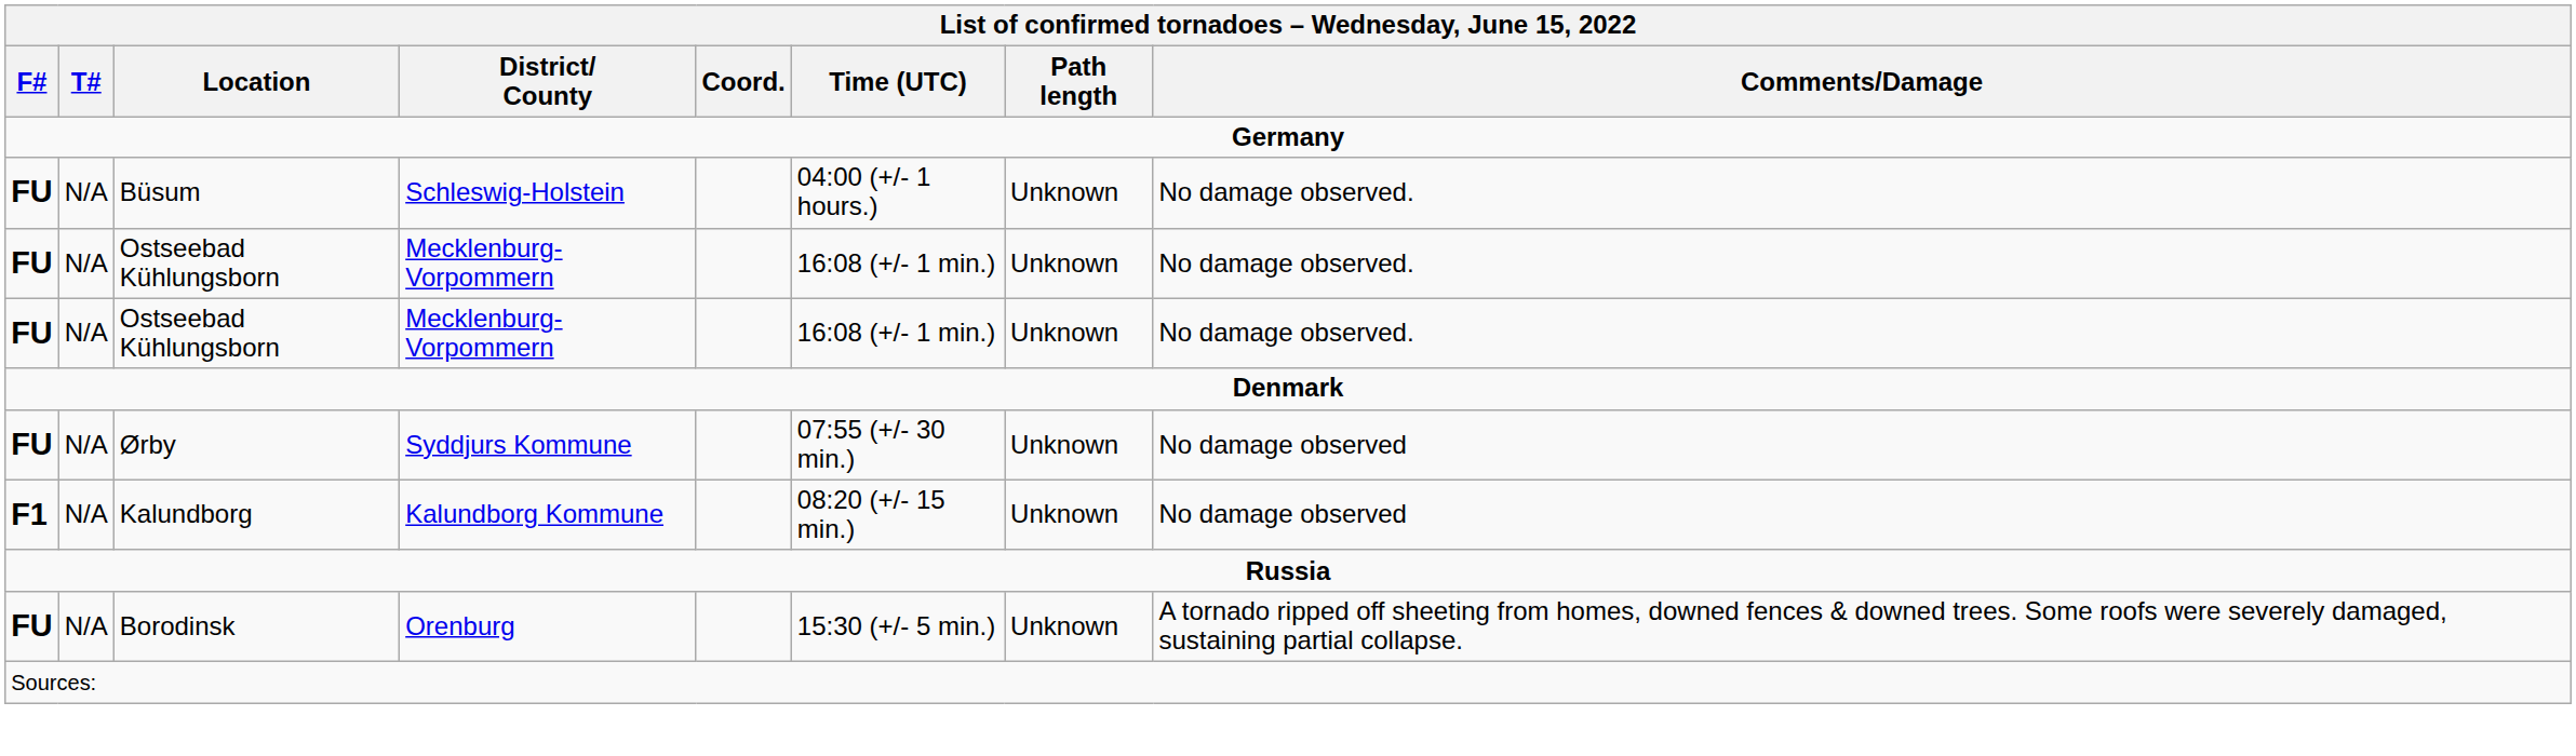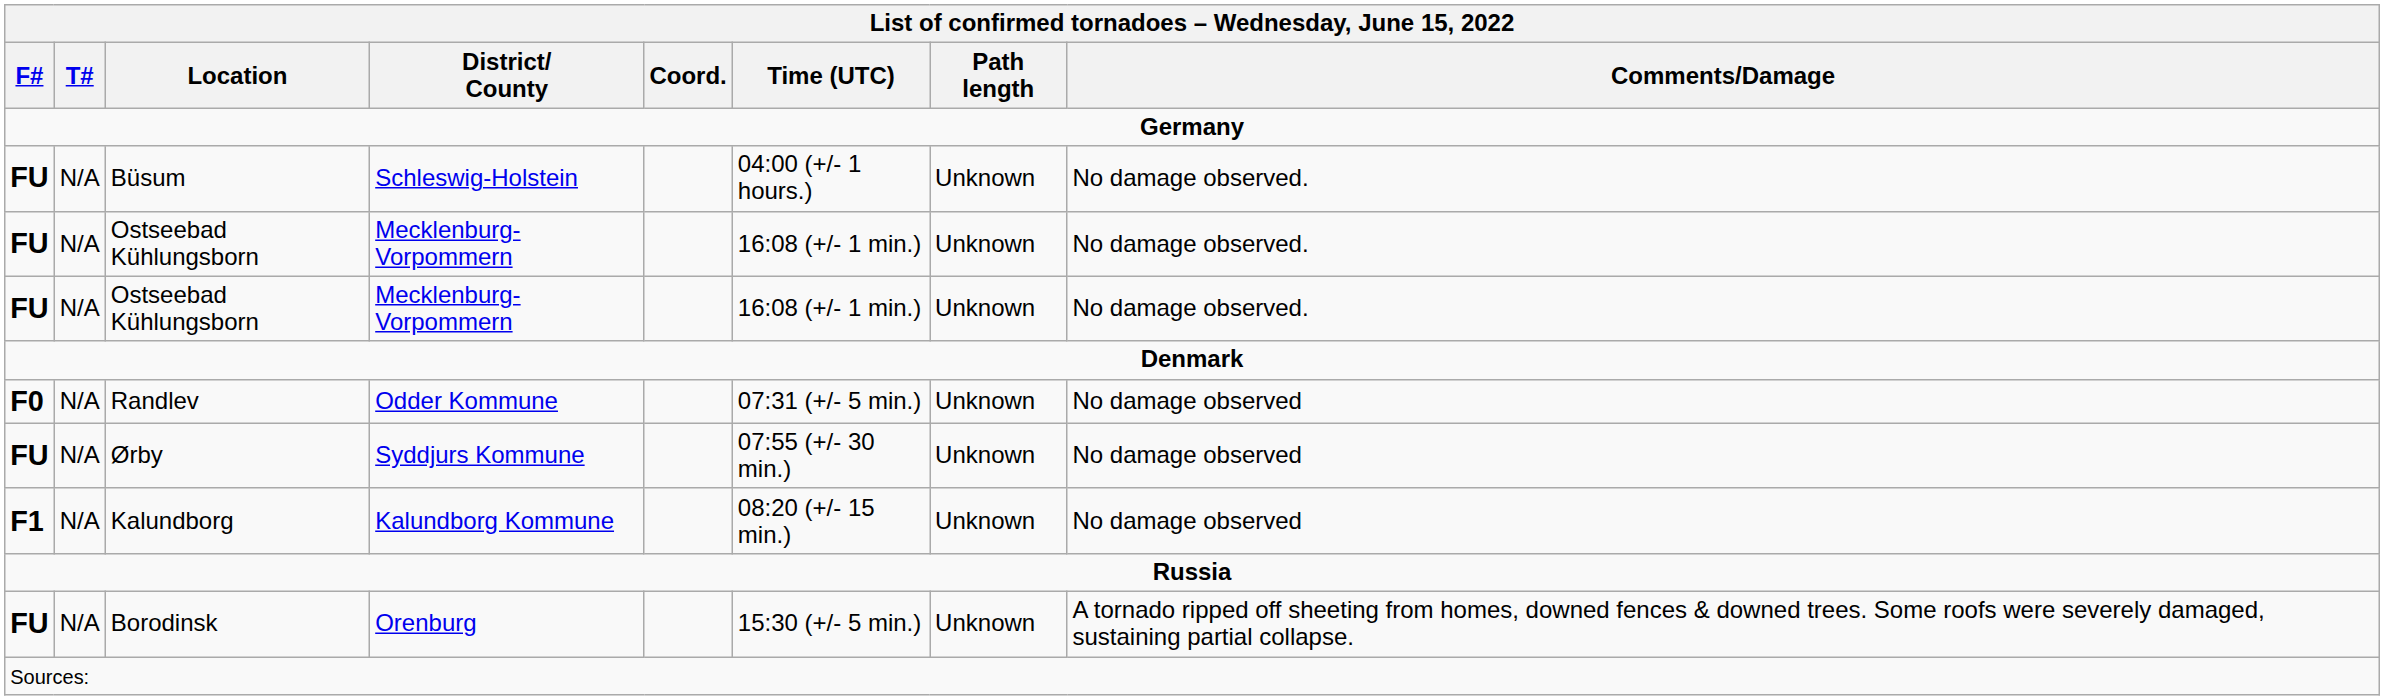 <table class="wikitable collapsible" width="100%">
 <tr>
 <th colspan="8">List of confirmed tornadoes – Wednesday, June 15, 2022</th>
 </tr>
 <tr>
 <th><a href='#'>F#</a></th>
 <th><a href='#'>T#</a></th>
 <th>Location</th>
 <th>District/<br>County</th>
 <th>Coord.</th>
 <th>Time (UTC)</th>
 <th>Path length</th>
 <th>Comments/Damage</th>
 </tr>
 <tr>
 <td colspan="8" align=center><strong>Germany</strong></td>
 </tr>
 <tr>
 <td><big><strong>FU</strong></big></td>
 <td>N/A</td>
 <td>Büsum</td>
 <td><a href='#'>Schleswig-Holstein</a></td>
 <td></td>
 <td>04:00 (+/- 1 hours.)</td>
 <td>Unknown</td>
 <td>No damage observed.</td>
 </tr>
 <tr>
 <td><big><strong>FU</strong></big></td>
 <td>N/A</td>
 <td>Ostseebad Kühlungsborn</td>
 <td><a href='#'>Mecklenburg-Vorpommern</a></td>
 <td></td>
 <td>16:08 (+/- 1 min.)</td>
 <td>Unknown</td>
 <td>No damage observed.</td>
 </tr>
 <tr>
 <td><big><strong>FU</strong></big></td>
 <td>N/A</td>
 <td>Ostseebad Kühlungsborn</td>
 <td><a href='#'>Mecklenburg-Vorpommern</a></td>
 <td></td>
 <td>16:08 (+/- 1 min.)</td>
 <td>Unknown</td>
 <td>No damage observed.</td>
 </tr>
 <tr>
 <td colspan="8" align=center><strong>Denmark</strong></td>
 </tr>
 <tr>
+<td><big><strong>F0</strong></big></td>
+<td>N/A</td>
+<td>Randlev</td>
+<td><a href='#'>Odder Kommune</a></td>
+<td></td>
+<td>07:31 (+/- 5 min.)</td>
+<td>Unknown</td>
+<td>No damage observed</td>
+</tr>
+<tr>
 <td><big><strong>FU</strong></big></td>
 <td>N/A</td>
 <td>Ørby</td>
 <td><a href='#'>Syddjurs Kommune</a></td>
 <td></td>
 <td>07:55 (+/- 30 min.)</td>
 <td>Unknown</td>
 <td>No damage observed</td>
 </tr>
 <tr>
 <td><big><strong>F1</strong></big></td>
 <td>N/A</td>
 <td>Kalundborg</td>
 <td><a href='#'>Kalundborg Kommune</a></td>
 <td></td>
 <td>08:20 (+/- 15 min.)</td>
 <td>Unknown</td>
 <td>No damage observed</td>
 </tr>
 <tr>
 <td colspan="8" align=center><strong>Russia</strong></td>
 </tr>
 <tr>
 <td><big><strong>FU</strong></big></td>
 <td>N/A</td>
 <td>Borodinsk</td>
 <td><a href='#'>Orenburg</a></td>
 <td></td>
 <td>15:30 (+/- 5 min.)</td>
 <td>Unknown</td>
 <td>A tornado ripped off sheeting from homes, downed fences & downed trees. Some roofs were severely damaged, sustaining partial collapse.</td>
 </tr>
 <tr>
 <td colspan="8"><small>Sources:  </small></td>
 </tr>
 </table>
